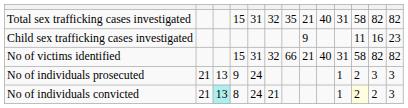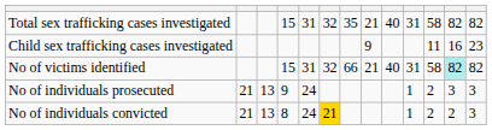 <table class="wikitable">
 <tr>
 <th></th>
 <th></th>
 <th></th>
 <th></th>
 <th></th>
 <th></th>
 <th></th>
 <th></th>
 <th></th>
 <th></th>
 <th></th>
 <th></th>
 <th></th>
 </tr>
 <tr>
 <td>Total sex trafficking cases investigated</td>
 <td></td>
 <td></td>
 <td>15</td>
 <td>31</td>
 <td>32</td>
 <td>35</td>
 <td>21</td>
 <td>40</td>
 <td>31</td>
 <td>58</td>
 <td>82</td>
 <td>82</td>
 </tr>
 <tr>
 <td>Child sex trafficking cases investigated</td>
 <td></td>
 <td></td>
 <td></td>
 <td></td>
 <td></td>
 <td></td>
 <td>9</td>
 <td></td>
 <td></td>
 <td>11</td>
 <td>16</td>
 <td>23</td>
 </tr>
 <tr>
 <td>No of victims identified</td>
 <td></td>
 <td></td>
 <td>15</td>
 <td>31</td>
 <td>32</td>
 <td>66</td>
 <td>21</td>
 <td>40</td>
 <td>31</td>
 <td>58</td>
-<td>82</td>
+<td style="background: paleturquoise;">82</td>
 <td>82</td>
 </tr>
 <tr>
 <td>No of individuals prosecuted</td>
 <td>21</td>
 <td>13</td>
 <td>9</td>
 <td>24</td>
 <td></td>
 <td></td>
 <td></td>
 <td></td>
 <td>1</td>
 <td>2</td>
 <td>3</td>
 <td>3</td>
 </tr>
 <tr>
 <td>No of individuals convicted</td>
 <td>21</td>
-<td style="background: paleturquoise;">13</td>
+<td>13</td>
 <td>8</td>
 <td>24</td>
-<td>21</td>
+<td style="background: gold;">21</td>
 <td></td>
 <td></td>
 <td></td>
 <td>1</td>
-<td style="background: lightyellow;">2</td>
+<td>2</td>
 <td>2</td>
 <td>3</td>
 </tr>
 </table>
